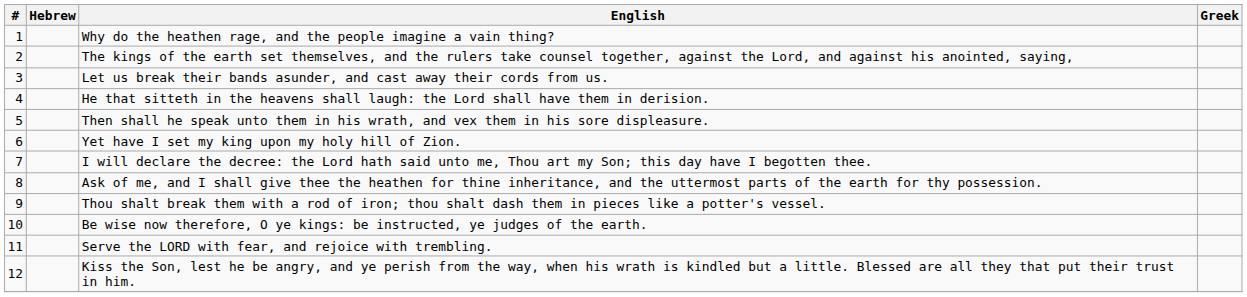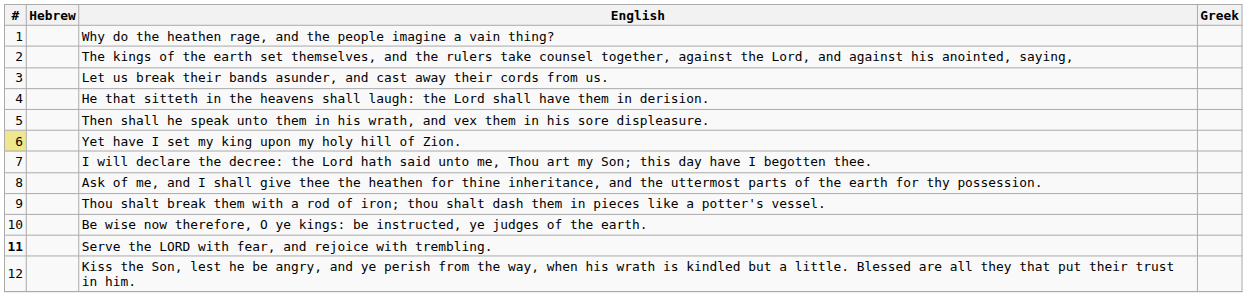 <table class=wikitable>
 <tr>
 <th>#</th>
 <th>Hebrew</th>
 <th>English</th>
 <th>Greek</th>
 </tr>
 <tr>
 <td style="text-align:right">1</td>
 <td style="text-align:right"></td>
 <td>Why do the heathen rage, and the people imagine a vain thing?</td>
 <td></td>
 </tr>
 <tr>
 <td style="text-align:right">2</td>
 <td style="text-align:right"></td>
 <td>The kings of the earth set themselves, and the rulers take counsel together, against the Lord, and against his anointed, saying,</td>
 <td></td>
 </tr>
 <tr>
 <td style="text-align:right">3</td>
 <td style="text-align:right"></td>
 <td>Let us break their bands asunder, and cast away their cords from us.</td>
 <td></td>
 </tr>
 <tr>
 <td style="text-align:right">4</td>
 <td style="text-align:right"></td>
 <td>He that sitteth in the heavens shall laugh: the Lord shall have them in derision.</td>
 <td></td>
 </tr>
 <tr>
 <td style="text-align:right">5</td>
 <td style="text-align:right"></td>
 <td>Then shall he speak unto them in his wrath, and vex them in his sore displeasure.</td>
 <td></td>
 </tr>
 <tr>
-<td style="text-align:right">6</td>
+<td style="background: khaki; text-align:right">6</td>
 <td style="text-align:right"></td>
 <td>Yet have I set my king upon my holy hill of Zion.</td>
 <td></td>
 </tr>
 <tr>
 <td style="text-align:right">7</td>
 <td style="text-align:right"></td>
 <td>I will declare the decree: the Lord hath said unto me, Thou art my Son; this day have I begotten thee.</td>
 <td></td>
 </tr>
 <tr>
 <td style="text-align:right">8</td>
 <td style="text-align:right"></td>
 <td>Ask of me, and I shall give thee the heathen for thine inheritance, and the uttermost parts of the earth for thy possession.</td>
 <td></td>
 </tr>
 <tr>
 <td style="text-align:right">9</td>
 <td style="text-align:right"></td>
 <td>Thou shalt break them with a rod of iron; thou shalt dash them in pieces like a potter's vessel.</td>
 <td></td>
 </tr>
 <tr>
 <td style="text-align:right">10</td>
 <td style="text-align:right"></td>
 <td>Be wise now therefore, O ye kings: be instructed, ye judges of the earth.</td>
 <td></td>
 </tr>
 <tr>
-<td style="text-align:right">11</td>
+<td style="text-align:right"><strong>11</strong></td>
 <td style="text-align:right"></td>
 <td>Serve the LORD with fear, and rejoice with trembling.</td>
 <td></td>
 </tr>
 <tr>
 <td style="text-align:right">12</td>
 <td style="text-align:right"></td>
 <td>Kiss the Son, lest he be angry, and ye perish from the way, when his wrath is kindled but a little. Blessed are all they that put their trust in him.</td>
 <td></td>
 </tr>
 <tr>
 </tr>
 </table>
